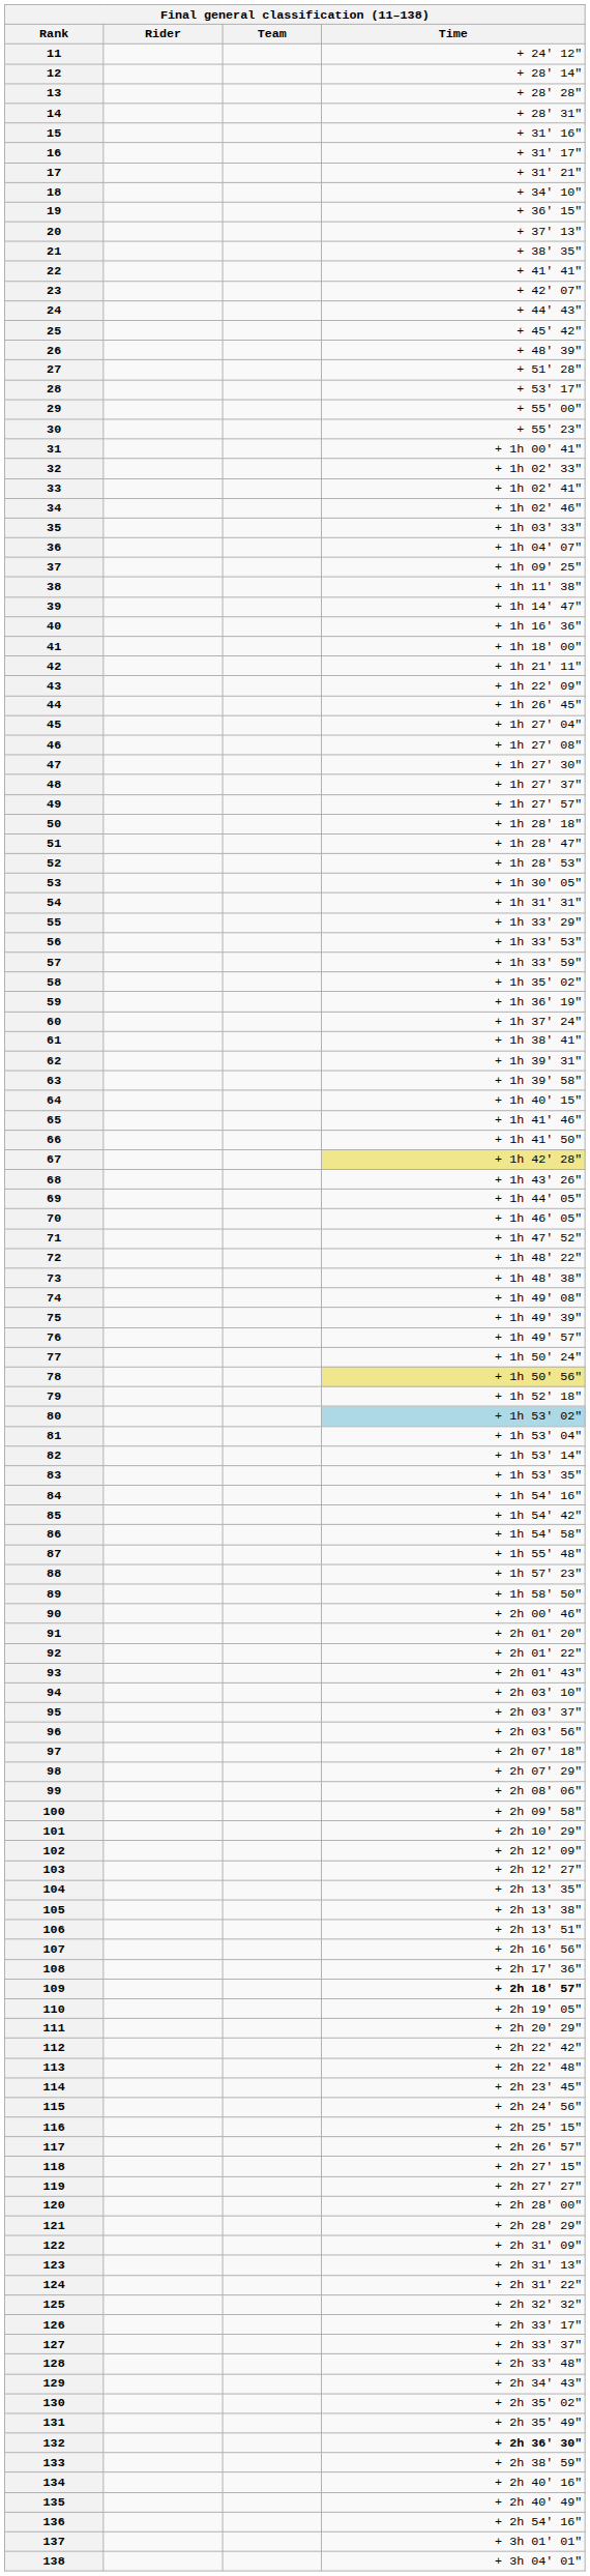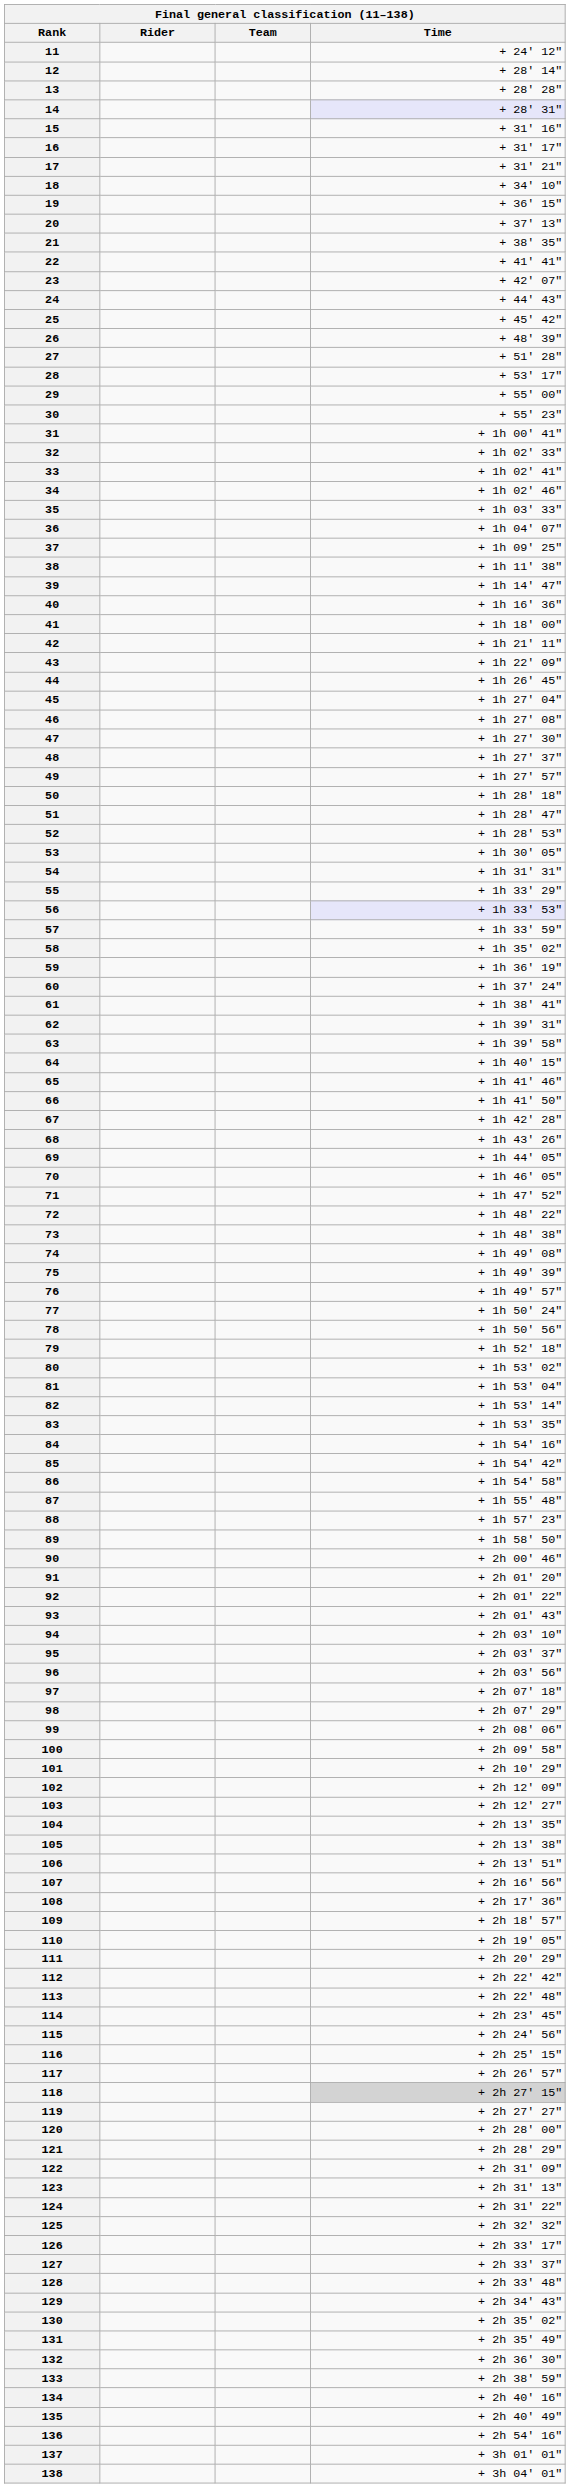 <table class="collapsible collapsed wikitable" style="width:48em;margin-top:-1px;">
 <tr>
 <th scope="col" colspan="4">Final general classification (11–138)</th>
 </tr>
 <tr>
 <th scope="col">Rank</th>
 <th scope="col">Rider</th>
 <th scope="col">Team</th>
 <th scope="col">Time</th>
 </tr>
 <tr |->
 <th scope="row">11</th>
 <td></td>
 <td></td>
 <td style="text-align:right;">+ 24' 12"</td>
 </tr>
 <tr>
 <th scope="row">12</th>
 <td></td>
 <td></td>
 <td style="text-align:right;">+ 28' 14"</td>
 </tr>
 <tr>
 <th scope="row">13</th>
 <td></td>
 <td></td>
 <td style="text-align:right;">+ 28' 28"</td>
 </tr>
 <tr>
 <th scope="row">14</th>
 <td></td>
 <td></td>
-<td style="text-align:right;">+ 28' 31"</td>
+<td style="background: lavender; text-align:right;">+ 28' 31"</td>
 </tr>
 <tr>
 <th scope="row">15</th>
 <td></td>
 <td></td>
 <td style="text-align:right;">+ 31' 16"</td>
 </tr>
 <tr>
 <th scope="row">16</th>
 <td></td>
 <td></td>
 <td style="text-align:right;">+ 31' 17"</td>
 </tr>
 <tr>
 <th scope="row">17</th>
 <td></td>
 <td></td>
 <td style="text-align:right;">+ 31' 21"</td>
 </tr>
 <tr>
 <th scope="row">18</th>
 <td></td>
 <td></td>
 <td style="text-align:right;">+ 34' 10"</td>
 </tr>
 <tr>
 <th scope="row">19</th>
 <td></td>
 <td></td>
 <td style="text-align:right;">+ 36' 15"</td>
 </tr>
 <tr>
 <th scope="row">20</th>
 <td></td>
 <td></td>
 <td style="text-align:right;">+ 37' 13"</td>
 </tr>
 <tr>
 <th scope="row">21</th>
 <td></td>
 <td></td>
 <td style="text-align:right;">+ 38' 35"</td>
 </tr>
 <tr>
 <th scope="row">22</th>
 <td></td>
 <td></td>
 <td style="text-align:right;">+ 41' 41"</td>
 </tr>
 <tr>
 <th scope="row">23</th>
 <td></td>
 <td></td>
 <td style="text-align:right;">+ 42' 07"</td>
 </tr>
 <tr>
 <th scope="row">24</th>
 <td></td>
 <td></td>
 <td style="text-align:right;">+ 44' 43"</td>
 </tr>
 <tr>
 <th scope="row">25</th>
 <td></td>
 <td></td>
 <td style="text-align:right;">+ 45' 42"</td>
 </tr>
 <tr>
 <th scope="row">26</th>
 <td></td>
 <td></td>
 <td style="text-align:right;">+ 48' 39"</td>
 </tr>
 <tr>
 <th scope="row">27</th>
 <td></td>
 <td></td>
 <td style="text-align:right;">+ 51' 28"</td>
 </tr>
 <tr>
 <th scope="row">28</th>
 <td></td>
 <td></td>
 <td style="text-align:right;">+ 53' 17"</td>
 </tr>
 <tr>
 <th scope="row">29</th>
 <td></td>
 <td></td>
 <td style="text-align:right;">+ 55' 00"</td>
 </tr>
 <tr>
 <th scope="row">30</th>
 <td></td>
 <td></td>
 <td style="text-align:right;">+ 55' 23"</td>
 </tr>
 <tr>
 <th scope="row">31</th>
 <td></td>
 <td></td>
 <td style="text-align:right;">+ 1h 00' 41"</td>
 </tr>
 <tr>
 <th scope="row">32</th>
 <td></td>
 <td></td>
 <td style="text-align:right;">+ 1h 02' 33"</td>
 </tr>
 <tr>
 <th scope="row">33</th>
 <td></td>
 <td></td>
 <td style="text-align:right;">+ 1h 02' 41"</td>
 </tr>
 <tr>
 <th scope="row">34</th>
 <td></td>
 <td></td>
 <td style="text-align:right;">+ 1h 02' 46"</td>
 </tr>
 <tr>
 <th scope="row">35</th>
 <td></td>
 <td></td>
 <td style="text-align:right;">+ 1h 03' 33"</td>
 </tr>
 <tr>
 <th scope="row">36</th>
 <td></td>
 <td></td>
 <td style="text-align:right;">+ 1h 04' 07"</td>
 </tr>
 <tr>
 <th scope="row">37</th>
 <td></td>
 <td></td>
 <td style="text-align:right;">+ 1h 09' 25"</td>
 </tr>
 <tr>
 <th scope="row">38</th>
 <td></td>
 <td></td>
 <td style="text-align:right;">+ 1h 11' 38"</td>
 </tr>
 <tr>
 <th scope="row">39</th>
 <td></td>
 <td></td>
 <td style="text-align:right;">+ 1h 14' 47"</td>
 </tr>
 <tr>
 <th scope="row">40</th>
 <td></td>
 <td></td>
 <td style="text-align:right;">+ 1h 16' 36"</td>
 </tr>
 <tr>
 <th scope="row">41</th>
 <td></td>
 <td></td>
 <td style="text-align:right;">+ 1h 18' 00"</td>
 </tr>
 <tr>
 <th scope="row">42</th>
 <td></td>
 <td></td>
 <td style="text-align:right;">+ 1h 21' 11"</td>
 </tr>
 <tr>
 <th scope="row">43</th>
 <td></td>
 <td></td>
 <td style="text-align:right;">+ 1h 22' 09"</td>
 </tr>
 <tr>
 <th scope="row">44</th>
 <td></td>
 <td></td>
 <td style="text-align:right;">+ 1h 26' 45"</td>
 </tr>
 <tr>
 <th scope="row">45</th>
 <td></td>
 <td></td>
 <td style="text-align:right;">+ 1h 27' 04"</td>
 </tr>
 <tr>
 <th scope="row">46</th>
 <td></td>
 <td></td>
 <td style="text-align:right;">+ 1h 27' 08"</td>
 </tr>
 <tr>
 <th scope="row">47</th>
 <td></td>
 <td></td>
 <td style="text-align:right;">+ 1h 27' 30"</td>
 </tr>
 <tr>
 <th scope="row">48</th>
 <td></td>
 <td></td>
 <td style="text-align:right;">+ 1h 27' 37"</td>
 </tr>
 <tr>
 <th scope="row">49</th>
 <td></td>
 <td></td>
 <td style="text-align:right;">+ 1h 27' 57"</td>
 </tr>
 <tr>
 <th scope="row">50</th>
 <td></td>
 <td></td>
 <td style="text-align:right;">+ 1h 28' 18"</td>
 </tr>
 <tr>
 <th scope="row">51</th>
 <td></td>
 <td></td>
 <td style="text-align:right;">+ 1h 28' 47"</td>
 </tr>
 <tr>
 <th scope="row">52</th>
 <td></td>
 <td></td>
 <td style="text-align:right;">+ 1h 28' 53"</td>
 </tr>
 <tr>
 <th scope="row">53</th>
 <td></td>
 <td></td>
 <td style="text-align:right;">+ 1h 30' 05"</td>
 </tr>
 <tr>
 <th scope="row">54</th>
 <td></td>
 <td></td>
 <td style="text-align:right;">+ 1h 31' 31"</td>
 </tr>
 <tr>
 <th scope="row">55</th>
 <td></td>
 <td></td>
 <td style="text-align:right;">+ 1h 33' 29"</td>
 </tr>
 <tr>
 <th scope="row">56</th>
 <td></td>
 <td></td>
-<td style="text-align:right;">+ 1h 33' 53"</td>
+<td style="background: lavender; text-align:right;">+ 1h 33' 53"</td>
 </tr>
 <tr>
 <th scope="row">57</th>
 <td></td>
 <td></td>
 <td style="text-align:right;">+ 1h 33' 59"</td>
 </tr>
 <tr>
 <th scope="row">58</th>
 <td></td>
 <td></td>
 <td style="text-align:right;">+ 1h 35' 02"</td>
 </tr>
 <tr>
 <th scope="row">59</th>
 <td></td>
 <td></td>
 <td style="text-align:right;">+ 1h 36' 19"</td>
 </tr>
 <tr>
 <th scope="row">60</th>
 <td></td>
 <td></td>
 <td style="text-align:right;">+ 1h 37' 24"</td>
 </tr>
 <tr>
 <th scope="row">61</th>
 <td></td>
 <td></td>
 <td style="text-align:right;">+ 1h 38' 41"</td>
 </tr>
 <tr>
 <th scope="row">62</th>
 <td></td>
 <td></td>
 <td style="text-align:right;">+ 1h 39' 31"</td>
 </tr>
 <tr>
 <th scope="row">63</th>
 <td></td>
 <td></td>
 <td style="text-align:right;">+ 1h 39' 58"</td>
 </tr>
 <tr>
 <th scope="row">64</th>
 <td></td>
 <td></td>
 <td style="text-align:right;">+ 1h 40' 15"</td>
 </tr>
 <tr>
 <th scope="row">65</th>
 <td></td>
 <td></td>
 <td style="text-align:right;">+ 1h 41' 46"</td>
 </tr>
 <tr>
 <th scope="row">66</th>
 <td></td>
 <td></td>
 <td style="text-align:right;">+ 1h 41' 50"</td>
 </tr>
 <tr>
 <th scope="row">67</th>
 <td></td>
 <td></td>
-<td style="background: khaki; text-align:right;">+ 1h 42' 28"</td>
+<td style="text-align:right;">+ 1h 42' 28"</td>
 </tr>
 <tr>
 <th scope="row">68</th>
 <td></td>
 <td></td>
 <td style="text-align:right;">+ 1h 43' 26"</td>
 </tr>
 <tr>
 <th scope="row">69</th>
 <td></td>
 <td></td>
 <td style="text-align:right;">+ 1h 44' 05"</td>
 </tr>
 <tr>
 <th scope="row">70</th>
 <td></td>
 <td></td>
 <td style="text-align:right;">+ 1h 46' 05"</td>
 </tr>
 <tr>
 <th scope="row">71</th>
 <td></td>
 <td></td>
 <td style="text-align:right;">+ 1h 47' 52"</td>
 </tr>
 <tr>
 <th scope="row">72</th>
 <td></td>
 <td></td>
 <td style="text-align:right;">+ 1h 48' 22"</td>
 </tr>
 <tr>
 <th scope="row">73</th>
 <td></td>
 <td></td>
 <td style="text-align:right;">+ 1h 48' 38"</td>
 </tr>
 <tr>
 <th scope="row">74</th>
 <td></td>
 <td></td>
 <td style="text-align:right;">+ 1h 49' 08"</td>
 </tr>
 <tr>
 <th scope="row">75</th>
 <td></td>
 <td></td>
 <td style="text-align:right;">+ 1h 49' 39"</td>
 </tr>
 <tr>
 <th scope="row">76</th>
 <td></td>
 <td></td>
 <td style="text-align:right;">+ 1h 49' 57"</td>
 </tr>
 <tr>
 <th scope="row">77</th>
 <td></td>
 <td></td>
 <td style="text-align:right;">+ 1h 50' 24"</td>
 </tr>
 <tr>
 <th scope="row">78</th>
 <td></td>
 <td></td>
-<td style="background: khaki; text-align:right;">+ 1h 50' 56"</td>
+<td style="text-align:right;">+ 1h 50' 56"</td>
 </tr>
 <tr>
 <th scope="row">79</th>
 <td></td>
 <td></td>
 <td style="text-align:right;">+ 1h 52' 18"</td>
 </tr>
 <tr>
 <th scope="row">80</th>
 <td></td>
 <td></td>
-<td style="background: lightblue; text-align:right;">+ 1h 53' 02"</td>
+<td style="text-align:right;">+ 1h 53' 02"</td>
 </tr>
 <tr>
 <th scope="row">81</th>
 <td></td>
 <td></td>
 <td style="text-align:right;">+ 1h 53' 04"</td>
 </tr>
 <tr>
 <th scope="row">82</th>
 <td></td>
 <td></td>
 <td style="text-align:right;">+ 1h 53' 14"</td>
 </tr>
 <tr>
 <th scope="row">83</th>
 <td></td>
 <td></td>
 <td style="text-align:right;">+ 1h 53' 35"</td>
 </tr>
 <tr>
 <th scope="row">84</th>
 <td></td>
 <td></td>
 <td style="text-align:right;">+ 1h 54' 16"</td>
 </tr>
 <tr>
 <th scope="row">85</th>
 <td></td>
 <td></td>
 <td style="text-align:right;">+ 1h 54' 42"</td>
 </tr>
 <tr>
 <th scope="row">86</th>
 <td></td>
 <td></td>
 <td style="text-align:right;">+ 1h 54' 58"</td>
 </tr>
 <tr>
 <th scope="row">87</th>
 <td></td>
 <td></td>
 <td style="text-align:right;">+ 1h 55' 48"</td>
 </tr>
 <tr>
 <th scope="row">88</th>
 <td></td>
 <td></td>
 <td style="text-align:right;">+ 1h 57' 23"</td>
 </tr>
 <tr>
 <th scope="row">89</th>
 <td></td>
 <td></td>
 <td style="text-align:right;">+ 1h 58' 50"</td>
 </tr>
 <tr>
 <th scope="row">90</th>
 <td></td>
 <td></td>
 <td style="text-align:right;">+ 2h 00' 46"</td>
 </tr>
 <tr>
 <th scope="row">91</th>
 <td></td>
 <td></td>
 <td style="text-align:right;">+ 2h 01' 20"</td>
 </tr>
 <tr>
 <th scope="row">92</th>
 <td></td>
 <td></td>
 <td style="text-align:right;">+ 2h 01' 22"</td>
 </tr>
 <tr>
 <th scope="row">93</th>
 <td></td>
 <td></td>
 <td style="text-align:right;">+ 2h 01' 43"</td>
 </tr>
 <tr>
 <th scope="row">94</th>
 <td></td>
 <td></td>
 <td style="text-align:right;">+ 2h 03' 10"</td>
 </tr>
 <tr>
 <th scope="row">95</th>
 <td></td>
 <td></td>
 <td style="text-align:right;">+ 2h 03' 37"</td>
 </tr>
 <tr>
 <th scope="row">96</th>
 <td></td>
 <td></td>
 <td style="text-align:right;">+ 2h 03' 56"</td>
 </tr>
 <tr>
 <th scope="row">97</th>
 <td></td>
 <td></td>
 <td style="text-align:right;">+ 2h 07' 18"</td>
 </tr>
 <tr>
 <th scope="row">98</th>
 <td></td>
 <td></td>
 <td style="text-align:right;">+ 2h 07' 29"</td>
 </tr>
 <tr>
 <th scope="row">99</th>
 <td></td>
 <td></td>
 <td style="text-align:right;">+ 2h 08' 06"</td>
 </tr>
 <tr>
 <th scope="row">100</th>
 <td></td>
 <td></td>
 <td style="text-align:right;">+ 2h 09' 58"</td>
 </tr>
 <tr>
 <th scope="row">101</th>
 <td></td>
 <td></td>
 <td style="text-align:right;">+ 2h 10' 29"</td>
 </tr>
 <tr>
 <th scope="row">102</th>
 <td></td>
 <td></td>
 <td style="text-align:right;">+ 2h 12' 09"</td>
 </tr>
 <tr>
 <th scope="row">103</th>
 <td></td>
 <td></td>
 <td style="text-align:right;">+ 2h 12' 27"</td>
 </tr>
 <tr>
 <th scope="row">104</th>
 <td></td>
 <td></td>
 <td style="text-align:right;">+ 2h 13' 35"</td>
 </tr>
 <tr>
 <th scope="row">105</th>
 <td></td>
 <td></td>
 <td style="text-align:right;">+ 2h 13' 38"</td>
 </tr>
 <tr>
 <th scope="row">106</th>
 <td></td>
 <td></td>
 <td style="text-align:right;">+ 2h 13' 51"</td>
 </tr>
 <tr>
 <th scope="row">107</th>
 <td></td>
 <td></td>
 <td style="text-align:right;">+ 2h 16' 56"</td>
 </tr>
 <tr>
 <th scope="row">108</th>
 <td></td>
 <td></td>
 <td style="text-align:right;">+ 2h 17' 36"</td>
 </tr>
 <tr>
 <th scope="row">109</th>
 <td></td>
 <td></td>
-<td style="text-align:right;"><strong>+ 2h 18' 57"</strong></td>
+<td style="text-align:right;">+ 2h 18' 57"</td>
 </tr>
 <tr>
 <th scope="row">110</th>
 <td></td>
 <td></td>
 <td style="text-align:right;">+ 2h 19' 05"</td>
 </tr>
 <tr>
 <th scope="row">111</th>
 <td></td>
 <td></td>
 <td style="text-align:right;">+ 2h 20' 29"</td>
 </tr>
 <tr>
 <th scope="row">112</th>
 <td></td>
 <td></td>
 <td style="text-align:right;">+ 2h 22' 42"</td>
 </tr>
 <tr>
 <th scope="row">113</th>
 <td></td>
 <td></td>
 <td style="text-align:right;">+ 2h 22' 48"</td>
 </tr>
 <tr>
 <th scope="row">114</th>
 <td></td>
 <td></td>
 <td style="text-align:right;">+ 2h 23' 45"</td>
 </tr>
 <tr>
 <th scope="row">115</th>
 <td></td>
 <td></td>
 <td style="text-align:right;">+ 2h 24' 56"</td>
 </tr>
 <tr>
 <th scope="row">116</th>
 <td></td>
 <td></td>
 <td style="text-align:right;">+ 2h 25' 15"</td>
 </tr>
 <tr>
 <th scope="row">117</th>
 <td></td>
 <td></td>
 <td style="text-align:right;">+ 2h 26' 57"</td>
 </tr>
 <tr>
 <th scope="row">118</th>
 <td></td>
 <td></td>
-<td style="text-align:right;">+ 2h 27' 15"</td>
+<td style="background: lightgrey; text-align:right;">+ 2h 27' 15"</td>
 </tr>
 <tr>
 <th scope="row">119</th>
 <td></td>
 <td></td>
 <td style="text-align:right;">+ 2h 27' 27"</td>
 </tr>
 <tr>
 <th scope="row">120</th>
 <td></td>
 <td></td>
 <td style="text-align:right;">+ 2h 28' 00"</td>
 </tr>
 <tr>
 <th scope="row">121</th>
 <td></td>
 <td></td>
 <td style="text-align:right;">+ 2h 28' 29"</td>
 </tr>
 <tr>
 <th scope="row">122</th>
 <td></td>
 <td></td>
 <td style="text-align:right;">+ 2h 31' 09"</td>
 </tr>
 <tr>
 <th scope="row">123</th>
 <td></td>
 <td></td>
 <td style="text-align:right;">+ 2h 31' 13"</td>
 </tr>
 <tr>
 <th scope="row">124</th>
 <td></td>
 <td></td>
 <td style="text-align:right;">+ 2h 31' 22"</td>
 </tr>
 <tr>
 <th scope="row">125</th>
 <td></td>
 <td></td>
 <td style="text-align:right;">+ 2h 32' 32"</td>
 </tr>
 <tr>
 <th scope="row">126</th>
 <td></td>
 <td></td>
 <td style="text-align:right;">+ 2h 33' 17"</td>
 </tr>
 <tr>
 <th scope="row">127</th>
 <td></td>
 <td></td>
 <td style="text-align:right;">+ 2h 33' 37"</td>
 </tr>
 <tr>
 <th scope="row">128</th>
 <td></td>
 <td></td>
 <td style="text-align:right;">+ 2h 33' 48"</td>
 </tr>
 <tr>
 <th scope="row">129</th>
 <td></td>
 <td></td>
 <td style="text-align:right;">+ 2h 34' 43"</td>
 </tr>
 <tr>
 <th scope="row">130</th>
 <td></td>
 <td></td>
 <td style="text-align:right;">+ 2h 35' 02"</td>
 </tr>
 <tr>
 <th scope="row">131</th>
 <td></td>
 <td></td>
 <td style="text-align:right;">+ 2h 35' 49"</td>
 </tr>
 <tr>
 <th scope="row">132</th>
 <td></td>
 <td></td>
-<td style="text-align:right;"><strong>+ 2h 36' 30"</strong></td>
+<td style="text-align:right;">+ 2h 36' 30"</td>
 </tr>
 <tr>
 <th scope="row">133</th>
 <td></td>
 <td></td>
 <td style="text-align:right;">+ 2h 38' 59"</td>
 </tr>
 <tr>
 <th scope="row">134</th>
 <td></td>
 <td></td>
 <td style="text-align:right;">+ 2h 40' 16"</td>
 </tr>
 <tr>
 <th scope="row">135</th>
 <td></td>
 <td></td>
 <td style="text-align:right;">+ 2h 40' 49"</td>
 </tr>
 <tr>
 <th scope="row">136</th>
 <td></td>
 <td></td>
 <td style="text-align:right;">+ 2h 54' 16"</td>
 </tr>
 <tr>
 <th scope="row">137</th>
 <td></td>
 <td></td>
 <td style="text-align:right;">+ 3h 01' 01"</td>
 </tr>
 <tr>
 <th scope="row">138</th>
 <td></td>
 <td></td>
 <td style="text-align:right;">+ 3h 04' 01"</td>
 </tr>
 </table>
